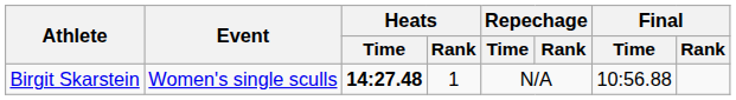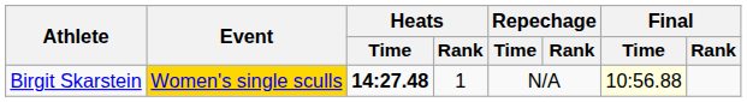 <table class="wikitable" style="font-size:90%">
 <tr>
 <th rowspan=2>Athlete</th>
 <th rowspan=2>Event</th>
 <th colspan=2>Heats</th>
 <th colspan=2>Repechage</th>
 <th colspan=2>Final</th>
 </tr>
 <tr style="font-size:95%">
 <th>Time</th>
 <th>Rank</th>
 <th>Time</th>
 <th>Rank</th>
 <th>Time</th>
 <th>Rank</th>
 </tr>
 <tr align=center>
 <td align=left><a href='#'>Birgit Skarstein</a></td>
-<td align=left><a href='#'>Women's single sculls</a></td>
+<td align=left style="background: gold;"><a href='#'>Women's single sculls</a></td>
 <td><strong>14:27.48</strong></td>
 <td>1 </td>
 <td colspan="2">N/A</td>
-<td>10:56.88</td>
+<td style="background: lightyellow;">10:56.88</td>
 <td></td>
 </tr>
 </table>
